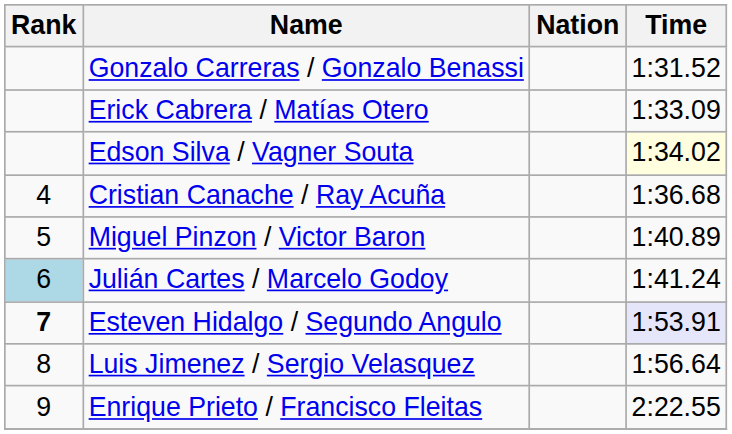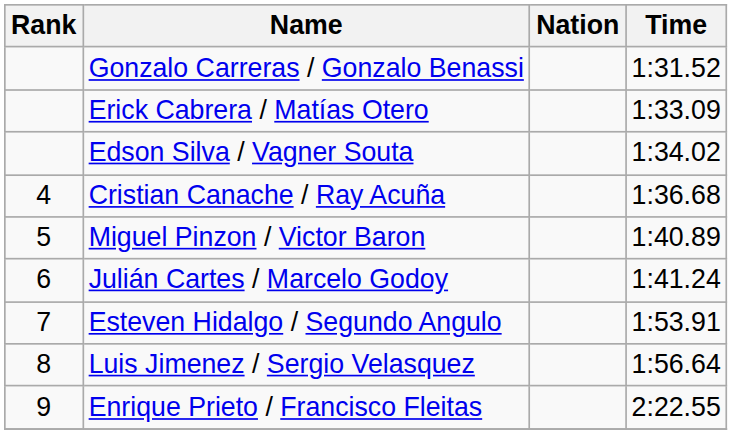 <table class="wikitable sortable" style="text-align:center">
 <tr>
 <th>Rank</th>
 <th>Name</th>
 <th>Nation</th>
 <th>Time</th>
 </tr>
 <tr>
 <td></td>
 <td align=left><a href='#'>Gonzalo Carreras</a> / <a href='#'>Gonzalo Benassi</a></td>
 <td align=left></td>
 <td>1:31.52</td>
 </tr>
 <tr>
 <td></td>
 <td align=left><a href='#'>Erick Cabrera</a> / <a href='#'>Matías Otero</a></td>
 <td align=left></td>
 <td>1:33.09</td>
 </tr>
 <tr>
 <td></td>
 <td align=left><a href='#'>Edson Silva</a> / <a href='#'>Vagner Souta</a></td>
 <td align=left></td>
-<td style="background: lightyellow;">1:34.02</td>
+<td>1:34.02</td>
 </tr>
 <tr>
 <td>4</td>
 <td align=left><a href='#'>Cristian Canache</a> / <a href='#'>Ray Acuña</a></td>
 <td align=left></td>
 <td>1:36.68</td>
 </tr>
 <tr>
 <td>5</td>
 <td align=left><a href='#'>Miguel Pinzon</a> / <a href='#'>Victor Baron</a></td>
 <td align=left></td>
 <td>1:40.89</td>
 </tr>
 <tr>
-<td style="background: lightblue;">6</td>
+<td>6</td>
 <td align=left><a href='#'>Julián Cartes</a> / <a href='#'>Marcelo Godoy</a></td>
 <td align=left></td>
 <td>1:41.24</td>
 </tr>
 <tr>
-<td><strong>7</strong></td>
+<td>7</td>
 <td align=left><a href='#'>Esteven Hidalgo</a> / <a href='#'>Segundo Angulo</a></td>
 <td align=left></td>
-<td style="background: lavender;">1:53.91</td>
+<td>1:53.91</td>
 </tr>
 <tr>
 <td>8</td>
 <td align=left><a href='#'>Luis Jimenez</a> / <a href='#'>Sergio Velasquez</a></td>
 <td align=left></td>
 <td>1:56.64</td>
 </tr>
 <tr>
 <td>9</td>
 <td align=left><a href='#'>Enrique Prieto</a> / <a href='#'>Francisco Fleitas</a></td>
 <td align=left></td>
 <td>2:22.55</td>
 </tr>
 <tr>
 </tr>
 </table>
